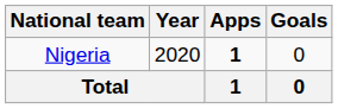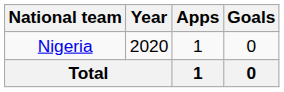 <table class=wikitable style=text-align:center>
 <tr>
 <th>National team</th>
 <th>Year</th>
 <th>Apps</th>
 <th>Goals</th>
 </tr>
 <tr>
 <td><a href='#'>Nigeria</a></td>
 <td>2020</td>
-<td><strong>1</strong></td>
+<td>1</td>
 <td>0</td>
 </tr>
 <tr>
 <th colspan="2">Total</th>
 <th>1</th>
 <th>0</th>
 </tr>
 </table>
